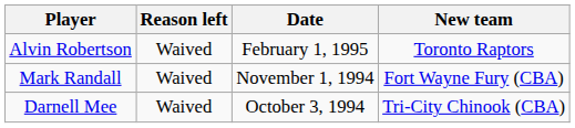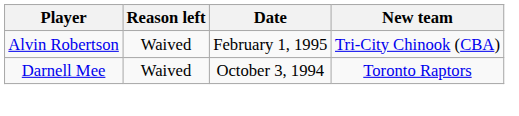 <table class="wikitable sortable sortable" style="text-align: center">
 <tr>
 <th>Player</th>
 <th>Reason left</th>
 <th>Date</th>
 <th>New team</th>
 </tr>
 <tr>
 <td><a href='#'>Alvin Robertson</a></td>
 <td>Waived</td>
 <td>February 1, 1995</td>
-<td><a href='#'>Toronto Raptors</a></td>
-</tr>
-<tr>
-<td><a href='#'>Mark Randall</a></td>
-<td>Waived</td>
-<td>November 1, 1994</td>
-<td><a href='#'>Fort Wayne Fury</a> (<a href='#'>CBA</a>)</td>
+<td><a href='#'>Tri-City Chinook</a> (<a href='#'>CBA</a>)</td>
 </tr>
 <tr>
 <td><a href='#'>Darnell Mee</a></td>
 <td>Waived</td>
 <td>October 3, 1994</td>
-<td><a href='#'>Tri-City Chinook</a> (<a href='#'>CBA</a>)</td>
+<td><a href='#'>Toronto Raptors</a></td>
 </tr>
 </table>
